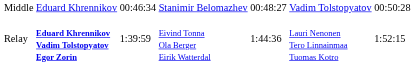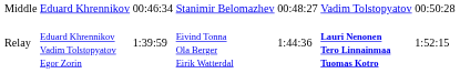 <table>
 <tr>
 <td>Middle</td>
 <td><a href='#'>Eduard Khrennikov</a><br></td>
 <td>00:46:34</td>
 <td><a href='#'>Stanimir Belomazhev</a><br></td>
 <td>00:48:27</td>
 <td><a href='#'>Vadim Tolstopyatov</a><br></td>
 <td>00:50:28</td>
 </tr>
 <tr>
 <td>Relay</td>
-<td><strong><br><small><a href='#'>Eduard Khrennikov</a><br><a href='#'>Vadim Tolstopyatov</a><br><a href='#'>Egor Zorin</a></small></strong></td>
+<td><br><small><a href='#'>Eduard Khrennikov</a><br><a href='#'>Vadim Tolstopyatov</a><br><a href='#'>Egor Zorin</a></small></td>
 <td>1:39:59</td>
 <td><br><small><a href='#'>Eivind Tonna</a><br><a href='#'>Ola Berger</a><br><a href='#'>Eirik Watterdal</a></small></td>
 <td>1:44:36</td>
-<td><br><small><a href='#'>Lauri Nenonen</a><br><a href='#'>Tero Linnainmaa</a><br><a href='#'>Tuomas Kotro</a></small></td>
+<td><strong><br><small><a href='#'>Lauri Nenonen</a><br><a href='#'>Tero Linnainmaa</a><br><a href='#'>Tuomas Kotro</a></small></strong></td>
 <td>1:52:15</td>
 </tr>
 </table>
